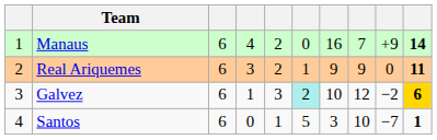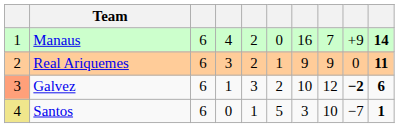 <table class="wikitable" style="text-align: center;">
 <tr>
 <th width=20></th>
 <th width=165>Team</th>
 <th width=20></th>
 <th width=20></th>
 <th width=20></th>
 <th width=20></th>
 <th width=20></th>
 <th width=20></th>
 <th width=20></th>
 <th width=20></th>
 </tr>
 <tr bgcolor=#ccffcc>
 <td>1</td>
 <td align=left> <a href='#'>Manaus</a></td>
 <td>6</td>
 <td>4</td>
 <td>2</td>
 <td>0</td>
 <td>16</td>
 <td>7</td>
 <td>+9</td>
 <td><strong>14</strong></td>
 </tr>
 <tr bgcolor=#ffcc99>
 <td>2</td>
 <td align=left> <a href='#'>Real Ariquemes</a></td>
 <td>6</td>
 <td>3</td>
 <td>2</td>
 <td>1</td>
 <td>9</td>
 <td>9</td>
 <td>0</td>
 <td><strong>11</strong></td>
 </tr>
 <tr>
-<td>3</td>
+<td style="background: lightsalmon;">3</td>
 <td align=left> <a href='#'>Galvez</a></td>
 <td>6</td>
 <td>1</td>
 <td>3</td>
-<td style="background: paleturquoise;">2</td>
+<td>2</td>
 <td>10</td>
 <td>12</td>
-<td>−2</td>
-<td style="background: gold;"><strong>6</strong></td>
+<td><strong>−2</strong></td>
+<td><strong>6</strong></td>
 </tr>
 <tr>
-<td>4</td>
+<td style="background: khaki;">4</td>
 <td align=left> <a href='#'>Santos</a></td>
 <td>6</td>
 <td>0</td>
 <td>1</td>
 <td>5</td>
 <td>3</td>
 <td>10</td>
 <td>−7</td>
 <td><strong>1</strong></td>
 </tr>
 </table>
